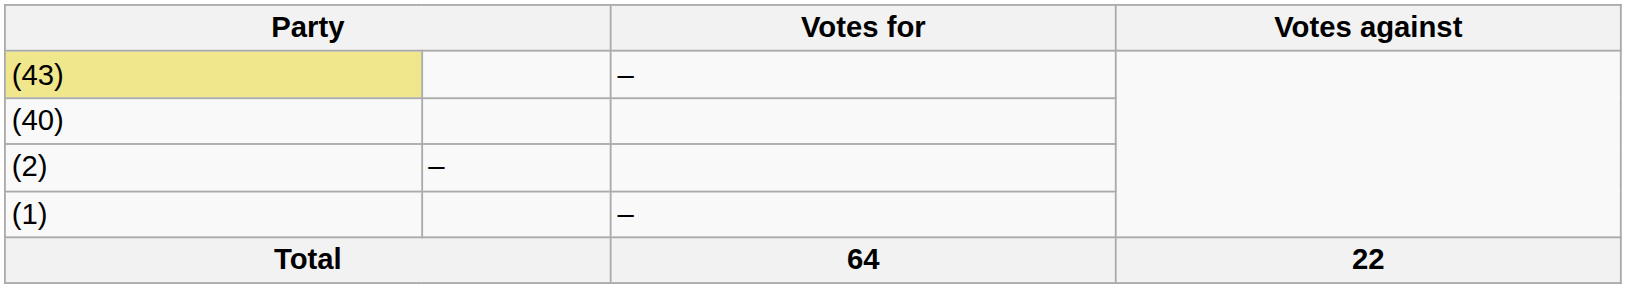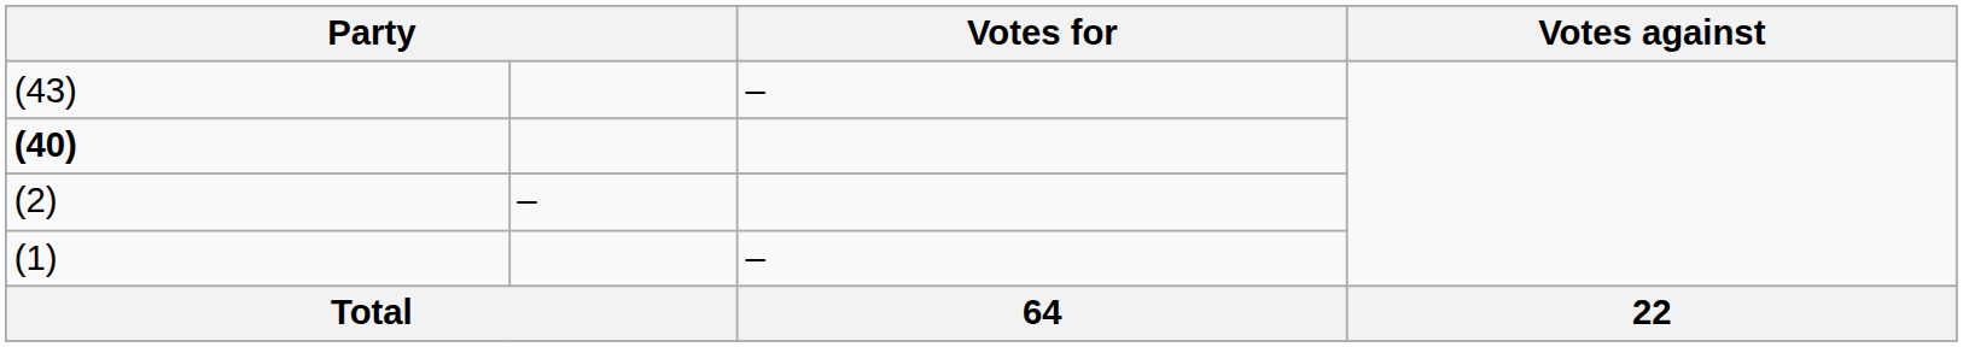 <table class="wikitable" style="width:100%">
 <tr>
 <th style="width:30%;" colspan="2">Party</th>
 <th style="width:25%;">Votes for</th>
 <th style="width:25%;">Votes against</th>
 </tr>
 <tr>
-<td style="background: khaki;"> (43)</td>
+<td> (43)</td>
 <td></td>
 <td>–</td>
 </tr>
 <tr>
-<td> (40)</td>
+<td><strong> (40)</strong></td>
 <td></td>
 <td></td>
 </tr>
 <tr>
 <td> (2)</td>
 <td>–</td>
 <td></td>
 </tr>
 <tr>
 <td> (1)</td>
 <td></td>
 <td>–</td>
 </tr>
 <tr>
 <th colspan=2>Total</th>
 <th>64</th>
 <th>22</th>
 </tr>
 </table>
